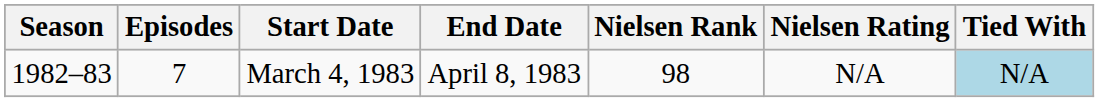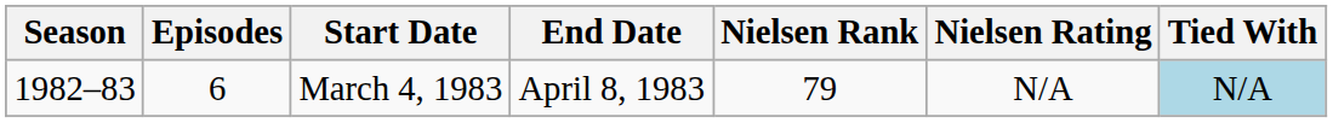 <table class="wikitable" style="text-align: center">
 <tr>
 <th>Season</th>
 <th>Episodes</th>
 <th>Start Date</th>
 <th>End Date</th>
 <th>Nielsen Rank</th>
 <th>Nielsen Rating</th>
 <th>Tied With</th>
 </tr>
 <tr>
 <td style="text-align:center">1982–83</td>
-<td style="text-align:center">7</td>
+<td style="text-align:center">6</td>
 <td style="text-align:center">March 4, 1983</td>
 <td style="text-align:center">April 8, 1983</td>
-<td style="text-align:center:">98</td>
+<td style="text-align:center:">79</td>
 <td style="text-align:center">N/A</td>
 <td style="background: lightblue; text-align:center">N/A</td>
 </tr>
 </table>
